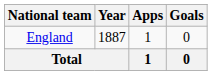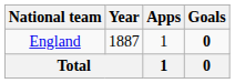 <table class=wikitable style="text-align: center">
 <tr>
 <th>National team</th>
 <th>Year</th>
 <th>Apps</th>
 <th>Goals</th>
 </tr>
 <tr>
 <td><a href='#'>England</a></td>
 <td>1887</td>
 <td>1</td>
-<td>0</td>
+<td><strong>0</strong></td>
 </tr>
 <tr>
 <th colspan=2>Total</th>
 <th>1</th>
 <th>0</th>
 </tr>
 </table>
